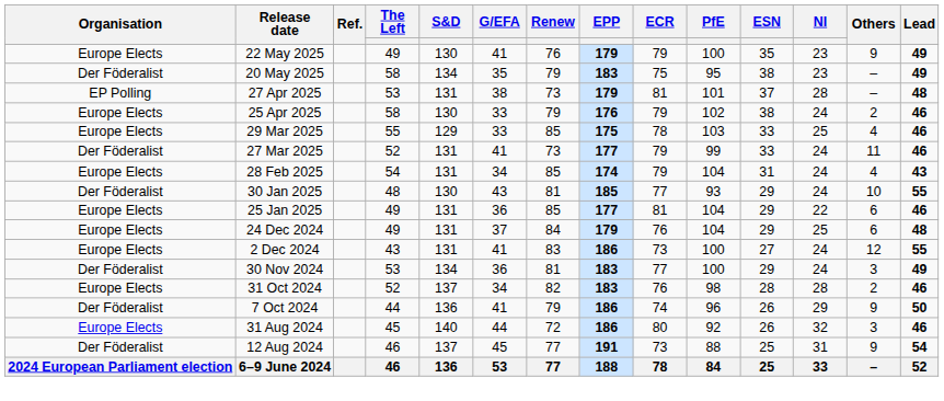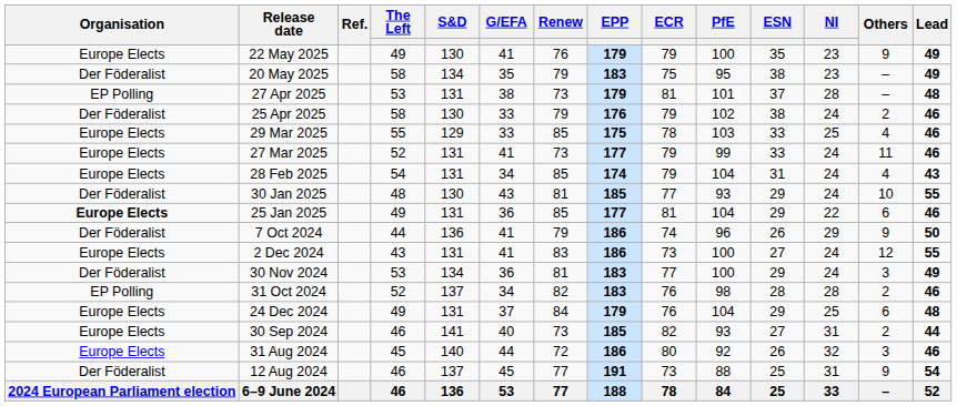 <table class="wikitable sortable mw-datatable" style="text-align:center;font-size:90%;line-height:14px;">
 <tr>
 <th rowspan="2">Organisation</th>
 <th rowspan="2">Release<br>date</th>
 <th rowspan="2">Ref.</th>
 <th class="unsortable" style="width:50px;"><a href='#'>The Left</a></th>
 <th class="unsortable" style="width:50px;"><a href='#'>S&D</a></th>
 <th class="unsortable" style="width:50px;"><a href='#'>G/EFA</a></th>
 <th class="unsortable" style="width:50px;"><a href='#'>Renew</a></th>
 <th class="unsortable" style="width:50px;"><a href='#'>EPP</a></th>
 <th class="unsortable" style="width:50px;"><a href='#'>ECR</a></th>
 <th class="unsortable" style="width:50px;"><a href='#'>PfE</a></th>
 <th class="unsortable" style="width:50px;"><a href='#'>ESN</a></th>
 <th class="unsortable" style="width:50px;"><a href='#'>NI</a></th>
 <th rowspan="2" class="unsortable" style="width:50px;">Others</th>
 <th rowspan="2">Lead</th>
 </tr>
 <tr>
 <th data-sort-type="number" style="background:"></th>
 <th data-sort-type="number" style="background:"></th>
 <th data-sort-type="number" style="background:"></th>
 <th data-sort-type="number" style="background:"></th>
 <th data-sort-type="number" style="background:"></th>
 <th data-sort-type="number" style="background:"></th>
 <th data-sort-type="number" style="background:"></th>
 <th data-sort-type="number" style="background:"></th>
 <th data-sort-type="number" style="background:"></th>
 </tr>
 <tr>
 <td>Europe Elects</td>
 <td>22 May 2025</td>
 <td></td>
 <td>49</td>
 <td>130</td>
 <td>41</td>
 <td>76</td>
 <td style="background:#CCE5FF;"><strong>179</strong></td>
 <td>79</td>
 <td>100</td>
 <td>35</td>
 <td>23</td>
 <td>9</td>
 <td style="background:"><strong>49</strong></td>
 </tr>
 <tr>
 <td>Der Föderalist</td>
 <td>20 May 2025</td>
 <td></td>
 <td>58</td>
 <td>134</td>
 <td>35</td>
 <td>79</td>
 <td style="background:#CCE5FF;"><strong>183</strong></td>
 <td>75</td>
 <td>95</td>
 <td>38</td>
 <td>23</td>
 <td>–</td>
 <td style="background:"><strong>49</strong></td>
 </tr>
 <tr>
 <td>EP Polling</td>
 <td>27 Apr 2025</td>
 <td></td>
 <td>53</td>
 <td>131</td>
 <td>38</td>
 <td>73</td>
 <td style="background:#CCE5FF;"><strong>179</strong></td>
 <td>81</td>
 <td>101</td>
 <td>37</td>
 <td>28</td>
 <td>–</td>
 <td style="background:"><strong>48</strong></td>
 </tr>
 <tr>
-<td>Europe Elects</td>
+<td>Der Föderalist</td>
 <td>25 Apr 2025</td>
 <td></td>
 <td>58</td>
 <td>130</td>
 <td>33</td>
 <td>79</td>
 <td style="background:#CCE5FF;"><strong>176</strong></td>
 <td>79</td>
 <td>102</td>
 <td>38</td>
 <td>24</td>
 <td>2</td>
 <td style="background:"><strong>46</strong></td>
 </tr>
 <tr>
 <td>Europe Elects</td>
 <td>29 Mar 2025</td>
 <td></td>
 <td>55</td>
 <td>129</td>
 <td>33</td>
 <td>85</td>
 <td style="background:#CCE5FF;"><strong>175</strong></td>
 <td>78</td>
 <td>103</td>
 <td>33</td>
 <td>25</td>
 <td>4</td>
 <td style="background:"><strong>46</strong></td>
 </tr>
 <tr>
-<td>Der Föderalist</td>
+<td>Europe Elects</td>
 <td>27 Mar 2025</td>
 <td></td>
 <td>52</td>
 <td>131</td>
 <td>41</td>
 <td>73</td>
 <td style="background:#CCE5FF;"><strong>177</strong></td>
 <td>79</td>
 <td>99</td>
 <td>33</td>
 <td>24</td>
 <td>11</td>
 <td style="background:"><strong>46</strong></td>
 </tr>
 <tr>
 <td>Europe Elects</td>
 <td>28 Feb 2025</td>
 <td></td>
 <td>54</td>
 <td>131</td>
 <td>34</td>
 <td>85</td>
 <td style="background:#CCE5FF;"><strong>174</strong></td>
 <td>79</td>
 <td>104</td>
 <td>31</td>
 <td>24</td>
 <td>4</td>
 <td style="background:"><strong>43</strong></td>
 </tr>
 <tr>
 <td>Der Föderalist</td>
 <td>30 Jan 2025</td>
 <td></td>
 <td>48</td>
 <td>130</td>
 <td>43</td>
 <td>81</td>
 <td style="background:#CCE5FF;"><strong>185</strong></td>
 <td>77</td>
 <td>93</td>
 <td>29</td>
 <td>24</td>
 <td>10</td>
 <td style="background:"><strong>55</strong></td>
 </tr>
 <tr>
-<td>Europe Elects</td>
+<td><strong>Europe Elects</strong></td>
 <td>25 Jan 2025</td>
 <td></td>
 <td>49</td>
 <td>131</td>
 <td>36</td>
 <td>85</td>
 <td style="background:#CCE5FF;"><strong>177</strong></td>
 <td>81</td>
 <td>104</td>
 <td>29</td>
 <td>22</td>
 <td>6</td>
 <td style="background:"><strong>46</strong></td>
 </tr>
 <tr>
-<td>Europe Elects</td>
-<td>24 Dec 2024</td>
+<td>Der Föderalist</td>
+<td>7 Oct 2024</td>
 <td></td>
-<td>49</td>
-<td>131</td>
-<td>37</td>
-<td>84</td>
-<td style="background:#CCE5FF;"><strong>179</strong></td>
-<td>76</td>
-<td>104</td>
+<td>44</td>
+<td>136</td>
+<td>41</td>
+<td>79</td>
+<td style="background:#CCE5FF;"><strong>186</strong></td>
+<td>74</td>
+<td>96</td>
+<td>26</td>
 <td>29</td>
-<td>25</td>
-<td>6</td>
-<td style="background:"><strong>48</strong></td>
+<td>9</td>
+<td style="background:"><strong>50</strong></td>
 </tr>
 <tr>
 <td>Europe Elects</td>
 <td>2 Dec 2024</td>
 <td></td>
 <td>43</td>
 <td>131</td>
 <td>41</td>
 <td>83</td>
 <td style="background:#CCE5FF;"><strong>186</strong></td>
 <td>73</td>
 <td>100</td>
 <td>27</td>
 <td>24</td>
 <td>12</td>
 <td style="background:"><strong>55</strong></td>
 </tr>
 <tr>
 <td>Der Föderalist</td>
 <td>30 Nov 2024</td>
 <td></td>
 <td>53</td>
 <td>134</td>
 <td>36</td>
 <td>81</td>
 <td style="background:#CCE5FF;"><strong>183</strong></td>
 <td>77</td>
 <td>100</td>
 <td>29</td>
 <td>24</td>
 <td>3</td>
 <td style="background:"><strong>49</strong></td>
 </tr>
 <tr>
-<td>Europe Elects</td>
+<td>EP Polling</td>
 <td>31 Oct 2024</td>
 <td></td>
 <td>52</td>
 <td>137</td>
 <td>34</td>
 <td>82</td>
 <td style="background:#CCE5FF;"><strong>183</strong></td>
 <td>76</td>
 <td>98</td>
 <td>28</td>
 <td>28</td>
 <td>2</td>
 <td style="background:"><strong>46</strong></td>
 </tr>
 <tr>
-<td>Der Föderalist</td>
-<td>7 Oct 2024</td>
+<td>Europe Elects</td>
+<td>24 Dec 2024</td>
 <td></td>
-<td>44</td>
-<td>136</td>
-<td>41</td>
-<td>79</td>
-<td style="background:#CCE5FF;"><strong>186</strong></td>
-<td>74</td>
-<td>96</td>
-<td>26</td>
+<td>49</td>
+<td>131</td>
+<td>37</td>
+<td>84</td>
+<td style="background:#CCE5FF;"><strong>179</strong></td>
+<td>76</td>
+<td>104</td>
 <td>29</td>
-<td>9</td>
-<td style="background:"><strong>50</strong></td>
+<td>25</td>
+<td>6</td>
+<td style="background:"><strong>48</strong></td>
+</tr>
+<tr>
+<td>Europe Elects</td>
+<td>30 Sep 2024</td>
+<td></td>
+<td>46</td>
+<td>141</td>
+<td>40</td>
+<td>73</td>
+<td style="background:#CCE5FF;"><strong>185</strong></td>
+<td>82</td>
+<td>93</td>
+<td>27</td>
+<td>31</td>
+<td>2</td>
+<td style="background:"><strong>44</strong></td>
 </tr>
 <tr>
 <td><a href='#'>Europe Elects</a></td>
 <td>31 Aug 2024</td>
 <td></td>
 <td>45</td>
 <td>140</td>
 <td>44</td>
 <td>72</td>
 <td style="background:#CCE5FF;"><strong>186</strong></td>
 <td>80</td>
 <td>92</td>
 <td>26</td>
 <td>32</td>
 <td>3</td>
 <td style="background:"><strong>46</strong></td>
 </tr>
 <tr>
 <td>Der Föderalist</td>
 <td>12 Aug 2024</td>
 <td></td>
 <td>46</td>
 <td>137</td>
 <td>45</td>
 <td>77</td>
 <td style="background:#CCE5FF;"><strong>191</strong></td>
 <td>73</td>
 <td>88</td>
 <td>25</td>
 <td>31</td>
 <td>9</td>
 <td style="background:"><strong>54</strong></td>
 </tr>
 <tr>
 <th><a href='#'>2024 European Parliament election</a></th>
 <th>6–9 June 2024</th>
 <th></th>
 <th>46</th>
 <th>136</th>
 <th>53</th>
 <th>77</th>
 <th style="background:#CCE5FF;">188</th>
 <th>78</th>
 <th>84</th>
 <th>25</th>
 <th>33</th>
 <th>–</th>
 <th>52</th>
 </tr>
 </table>
